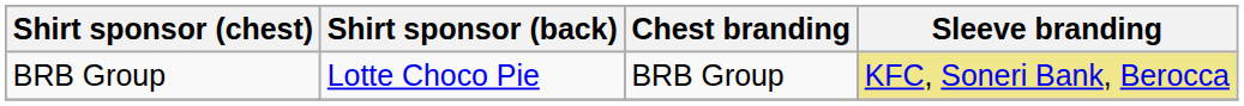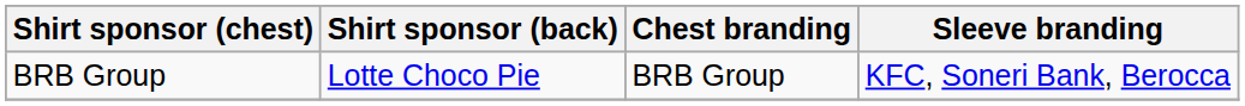 <table class="wikitable"  style="font-size:85%;">
 <tr>
 <th>Shirt sponsor (chest)</th>
 <th>Shirt sponsor (back)</th>
 <th>Chest branding</th>
 <th>Sleeve branding</th>
 </tr>
 <tr>
 <td>BRB Group</td>
 <td><a href='#'>Lotte Choco Pie</a></td>
 <td>BRB Group</td>
-<td style="background: khaki;"><a href='#'>KFC</a>, <a href='#'>Soneri Bank</a>, <a href='#'>Berocca</a></td>
+<td><a href='#'>KFC</a>, <a href='#'>Soneri Bank</a>, <a href='#'>Berocca</a></td>
 </tr>
 <tr>
 </tr>
 </table>
